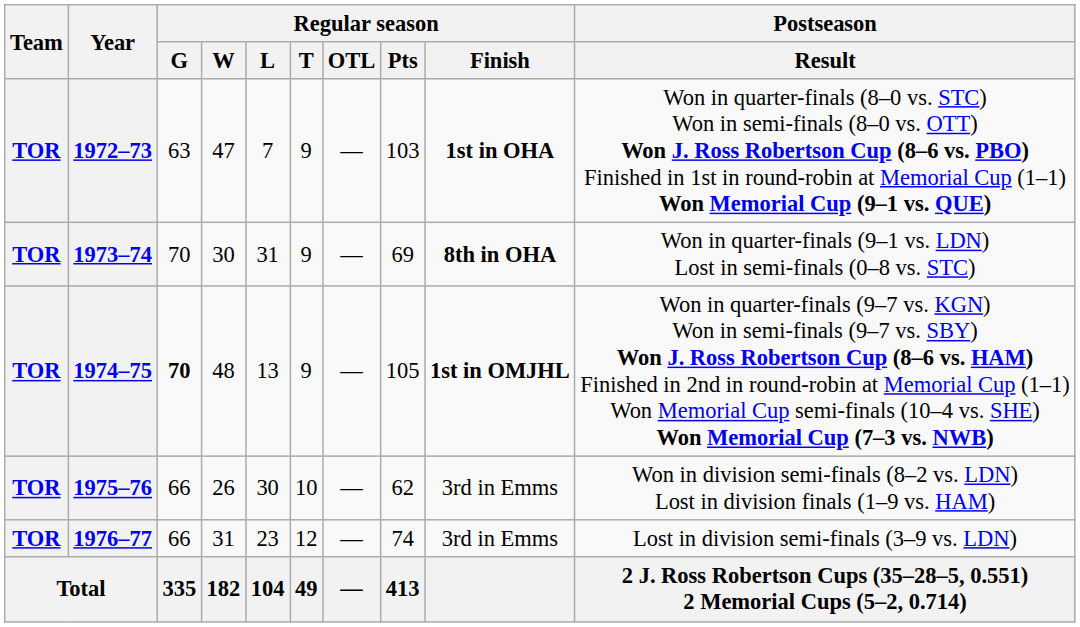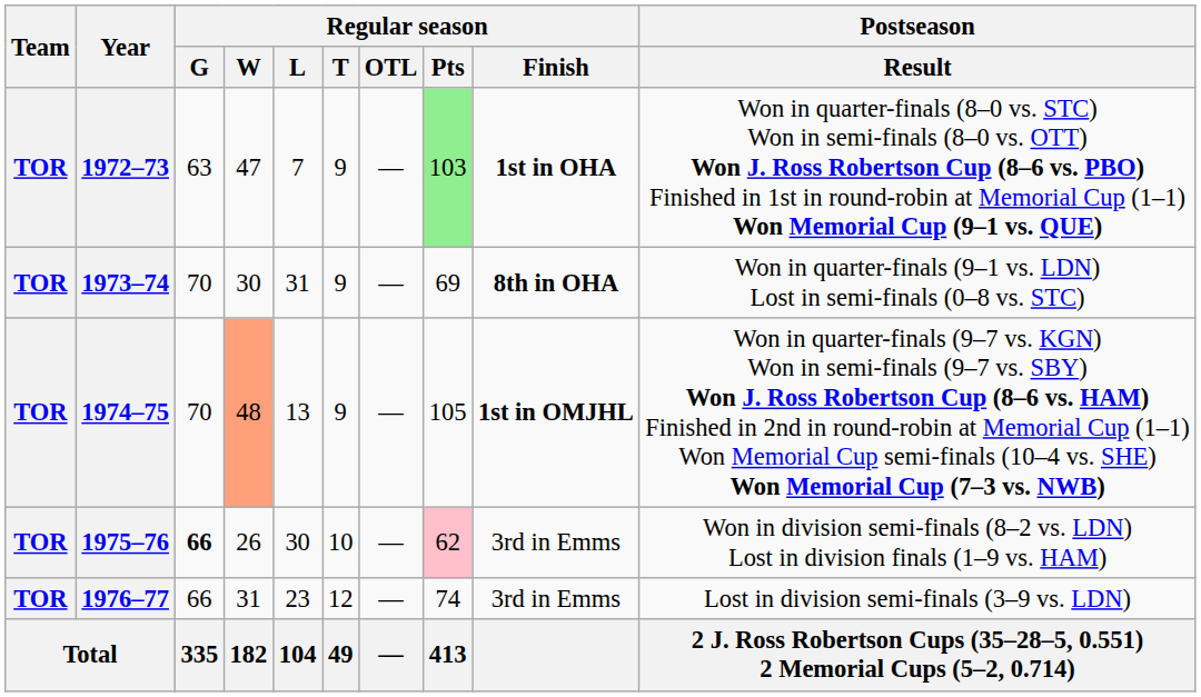 <table class="wikitable" style="font-size:95%; text-align:center;">
 <tr>
 <th rowspan="2">Team</th>
 <th rowspan="2">Year</th>
 <th colspan="7">Regular season</th>
 <th>Postseason</th>
 </tr>
 <tr>
 <th>G</th>
 <th>W</th>
 <th>L</th>
 <th>T</th>
 <th>OTL</th>
 <th>Pts</th>
 <th>Finish</th>
 <th>Result</th>
 </tr>
 <tr>
 <th><a href='#'>TOR</a></th>
 <th><a href='#'>1972–73</a></th>
 <td>63</td>
 <td>47</td>
 <td>7</td>
 <td>9</td>
 <td>—</td>
-<td>103</td>
+<td style="background: lightgreen;">103</td>
 <td><strong>1st in OHA</strong></td>
 <td>Won in quarter-finals (8–0 vs. <a href='#'>STC</a>)<br>Won in semi-finals (8–0 vs. <a href='#'>OTT</a>)<br><strong>Won <a href='#'>J. Ross Robertson Cup</a> (8–6 vs. <a href='#'>PBO</a>)</strong><br>Finished in 1st in round-robin at <a href='#'>Memorial Cup</a> (1–1)<br><strong>Won <a href='#'>Memorial Cup</a> (9–1 vs. <a href='#'>QUE</a>)</strong></td>
 </tr>
 <tr>
 <th><a href='#'>TOR</a></th>
 <th><a href='#'>1973–74</a></th>
 <td>70</td>
 <td>30</td>
 <td>31</td>
 <td>9</td>
 <td>—</td>
 <td>69</td>
 <td><strong>8th in OHA</strong></td>
 <td>Won in quarter-finals (9–1 vs. <a href='#'>LDN</a>)<br>Lost in semi-finals (0–8 vs. <a href='#'>STC</a>)</td>
 </tr>
 <tr>
 <th><a href='#'>TOR</a></th>
 <th><a href='#'>1974–75</a></th>
-<td><strong>70</strong></td>
-<td>48</td>
+<td>70</td>
+<td style="background: lightsalmon;">48</td>
 <td>13</td>
 <td>9</td>
 <td>—</td>
 <td>105</td>
 <td><strong>1st in OMJHL</strong></td>
 <td>Won in quarter-finals (9–7 vs. <a href='#'>KGN</a>)<br>Won in semi-finals (9–7 vs. <a href='#'>SBY</a>)<br><strong>Won <a href='#'>J. Ross Robertson Cup</a> (8–6 vs. <a href='#'>HAM</a>)</strong><br>Finished in 2nd in round-robin at <a href='#'>Memorial Cup</a> (1–1)<br>Won <a href='#'>Memorial Cup</a> semi-finals (10–4 vs. <a href='#'>SHE</a>)<br><strong>Won <a href='#'>Memorial Cup</a> (7–3 vs. <a href='#'>NWB</a>)</strong></td>
 </tr>
 <tr>
 <th><a href='#'>TOR</a></th>
 <th><a href='#'>1975–76</a></th>
-<td>66</td>
+<td><strong>66</strong></td>
 <td>26</td>
 <td>30</td>
 <td>10</td>
 <td>—</td>
-<td>62</td>
+<td style="background: pink;">62</td>
 <td>3rd in Emms</td>
 <td>Won in division semi-finals (8–2 vs. <a href='#'>LDN</a>)<br>Lost in division finals (1–9 vs. <a href='#'>HAM</a>)</td>
 </tr>
 <tr>
 <th><a href='#'>TOR</a></th>
 <th><a href='#'>1976–77</a></th>
 <td>66</td>
 <td>31</td>
 <td>23</td>
 <td>12</td>
 <td>—</td>
 <td>74</td>
 <td>3rd in Emms</td>
 <td>Lost in division semi-finals (3–9 vs. <a href='#'>LDN</a>)</td>
 </tr>
 <tr>
 <th colspan="2">Total</th>
 <th>335</th>
 <th>182</th>
 <th>104</th>
 <th>49</th>
 <th>—</th>
 <th>413</th>
 <th></th>
 <th>2 J. Ross Robertson Cups (35–28–5, 0.551)<br>2 Memorial Cups (5–2, 0.714)</th>
 </tr>
 </table>
